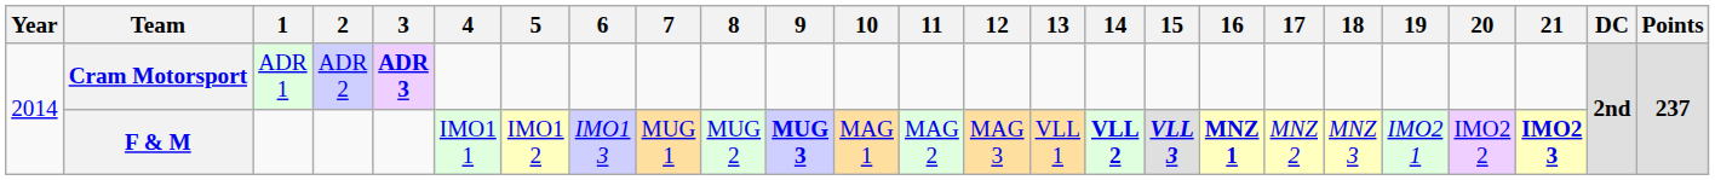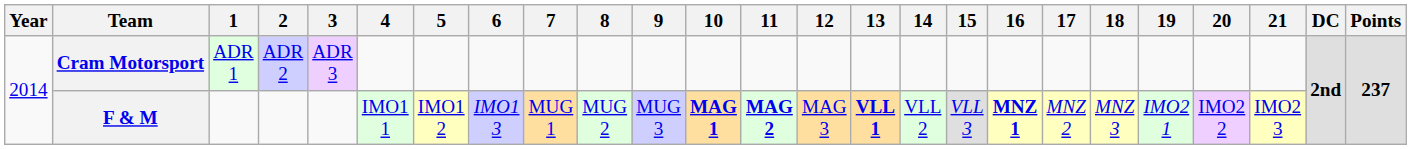 <table class="wikitable" style="text-align:center; font-size:85%">
 <tr>
 <th>Year</th>
 <th>Team</th>
 <th>1</th>
 <th>2</th>
 <th>3</th>
 <th>4</th>
 <th>5</th>
 <th>6</th>
 <th>7</th>
 <th>8</th>
 <th>9</th>
 <th>10</th>
 <th>11</th>
 <th>12</th>
 <th>13</th>
 <th>14</th>
 <th>15</th>
 <th>16</th>
 <th>17</th>
 <th>18</th>
 <th>19</th>
 <th>20</th>
 <th>21</th>
 <th>DC</th>
 <th>Points</th>
 </tr>
 <tr>
 <td rowspan="2"><a href='#'>2014</a></td>
 <th nowrap><a href='#'>Cram Motorsport</a></th>
 <td style="background:#DFFFDF;"><a href='#'>ADR<br>1</a><br></td>
 <td style="background:#CFCFFF;"><a href='#'>ADR<br>2</a><br></td>
-<td style="background:#EFCFFF;"><strong><a href='#'>ADR<br>3</a><br></strong></td>
+<td style="background:#EFCFFF;"><a href='#'>ADR<br>3</a><br></td>
 <td></td>
 <td></td>
 <td></td>
 <td></td>
 <td></td>
 <td></td>
 <td></td>
 <td></td>
 <td></td>
 <td></td>
 <td></td>
 <td></td>
 <td></td>
 <td></td>
 <td></td>
 <td></td>
 <td></td>
 <td></td>
 <th rowspan="2" style="background:#DFDFDF">2nd</th>
 <th rowspan="2" style="background:#DFDFDF">237</th>
 </tr>
 <tr>
 <th nowrap><a href='#'>F & M</a></th>
 <td></td>
 <td></td>
 <td></td>
 <td style="background:#DFFFDF;"><a href='#'>IMO1<br>1</a><br></td>
 <td style="background:#FFFFBF;"><a href='#'>IMO1<br>2</a><br></td>
 <td style="background:#CFCFFF;"><em><a href='#'>IMO1<br>3</a></em><br></td>
 <td style="background:#FFDF9F;"><a href='#'>MUG<br>1</a><br></td>
 <td style="background:#DFFFDF;"><a href='#'>MUG<br>2</a><br></td>
-<td style="background:#CFCFFF;"><strong><a href='#'>MUG<br>3</a><br></strong></td>
-<td style="background:#FFDF9F;"><a href='#'>MAG<br>1</a><br></td>
-<td style="background:#DFFFDF;"><a href='#'>MAG<br>2</a><br></td>
+<td style="background:#CFCFFF;"><a href='#'>MUG<br>3</a><br></td>
+<td style="background:#FFDF9F;"><strong><a href='#'>MAG<br>1</a><br></strong></td>
+<td style="background:#DFFFDF;"><strong><a href='#'>MAG<br>2</a><br></strong></td>
 <td style="background:#FFDF9F;"><a href='#'>MAG<br>3</a><br></td>
-<td style="background:#FFDF9F;"><a href='#'>VLL<br>1</a><br></td>
-<td style="background:#DFFFDF;"><strong><a href='#'>VLL<br>2</a><br></strong></td>
-<td style="background:#DFDFDF;"><strong><em><a href='#'>VLL<br>3</a></em><br></strong></td>
+<td style="background:#FFDF9F;"><strong><a href='#'>VLL<br>1</a><br></strong></td>
+<td style="background:#DFFFDF;"><a href='#'>VLL<br>2</a><br></td>
+<td style="background:#DFDFDF;"><em><a href='#'>VLL<br>3</a></em><br></td>
 <td style="background:#FFFFBF;"><strong><a href='#'>MNZ<br>1</a></strong><br></td>
 <td style="background:#FFFFBF;"><em><a href='#'>MNZ<br>2</a></em><br></td>
 <td style="background:#FFFFBF;"><em><a href='#'>MNZ<br>3</a></em><br></td>
 <td style="background:#DFFFDF;"><em><a href='#'>IMO2<br>1</a></em><br></td>
 <td style="background:#EFCFFF;"><a href='#'>IMO2<br>2</a><br></td>
-<td style="background:#FFFFBF;"><strong><a href='#'>IMO2<br>3</a><br></strong></td>
+<td style="background:#FFFFBF;"><a href='#'>IMO2<br>3</a><br></td>
 </tr>
 </table>
